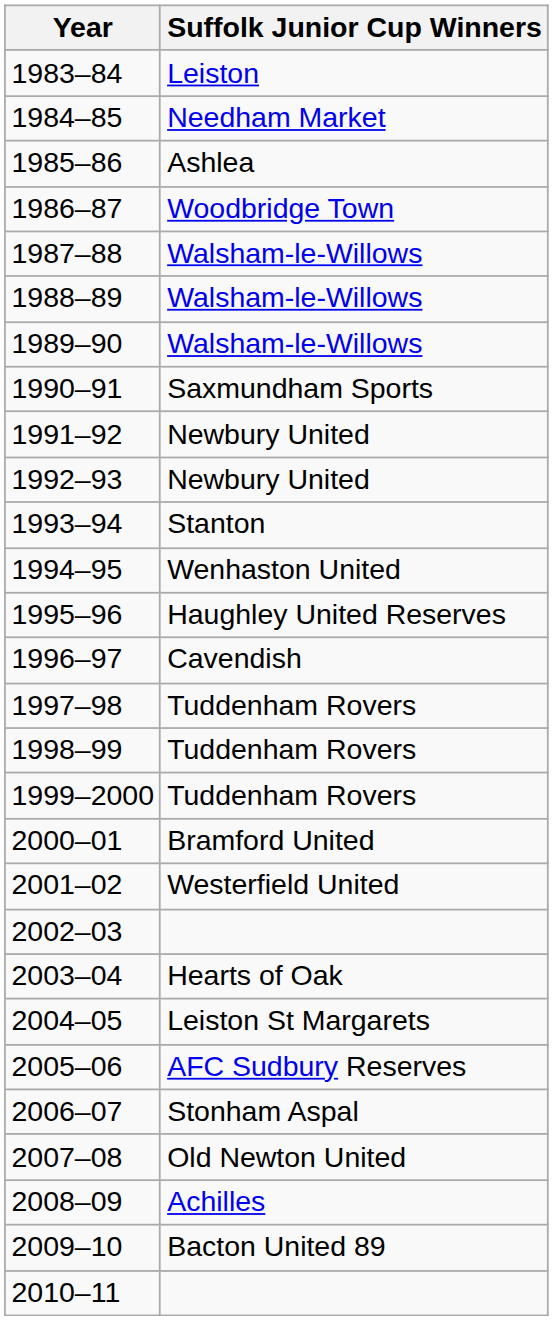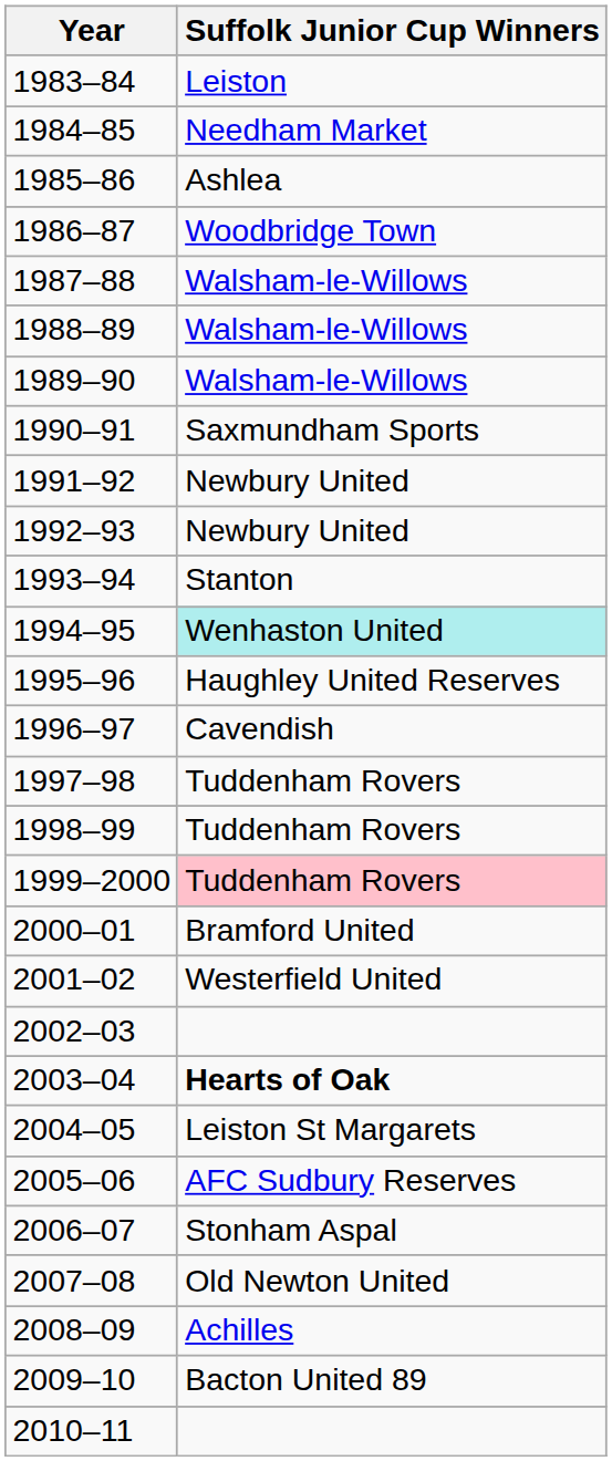 <table class="wikitable" style="float:left; margin-right:1em">
 <tr>
 <th>Year</th>
 <th>Suffolk Junior Cup Winners</th>
 </tr>
 <tr>
 <td>1983–84</td>
 <td><a href='#'>Leiston</a></td>
 </tr>
 <tr>
 <td>1984–85</td>
 <td><a href='#'>Needham Market</a></td>
 </tr>
 <tr>
 <td>1985–86</td>
 <td>Ashlea</td>
 </tr>
 <tr>
 <td>1986–87</td>
 <td><a href='#'>Woodbridge Town</a></td>
 </tr>
 <tr>
 <td>1987–88</td>
 <td><a href='#'>Walsham-le-Willows</a></td>
 </tr>
 <tr>
 <td>1988–89</td>
 <td><a href='#'>Walsham-le-Willows</a></td>
 </tr>
 <tr>
 <td>1989–90</td>
 <td><a href='#'>Walsham-le-Willows</a></td>
 </tr>
 <tr>
 <td>1990–91</td>
 <td>Saxmundham Sports</td>
 </tr>
 <tr>
 <td>1991–92</td>
 <td>Newbury United</td>
 </tr>
 <tr>
 <td>1992–93</td>
 <td>Newbury United</td>
 </tr>
 <tr>
 <td>1993–94</td>
 <td>Stanton</td>
 </tr>
 <tr>
 <td>1994–95</td>
-<td>Wenhaston United</td>
+<td style="background: paleturquoise;">Wenhaston United</td>
 </tr>
 <tr>
 <td>1995–96</td>
 <td>Haughley United Reserves</td>
 </tr>
 <tr>
 <td>1996–97</td>
 <td>Cavendish</td>
 </tr>
 <tr>
 <td>1997–98</td>
 <td>Tuddenham Rovers</td>
 </tr>
 <tr>
 <td>1998–99</td>
 <td>Tuddenham Rovers</td>
 </tr>
 <tr>
 <td>1999–2000</td>
-<td>Tuddenham Rovers</td>
+<td style="background: pink;">Tuddenham Rovers</td>
 </tr>
 <tr>
 <td>2000–01</td>
 <td>Bramford United</td>
 </tr>
 <tr>
 <td>2001–02</td>
 <td>Westerfield United</td>
 </tr>
 <tr>
 <td>2002–03</td>
 <td></td>
 </tr>
 <tr>
 <td>2003–04</td>
-<td>Hearts of Oak</td>
+<td><strong>Hearts of Oak</strong></td>
 </tr>
 <tr>
 <td>2004–05</td>
 <td>Leiston St Margarets</td>
 </tr>
 <tr>
 <td>2005–06</td>
 <td><a href='#'>AFC Sudbury</a> Reserves</td>
 </tr>
 <tr>
 <td>2006–07</td>
 <td>Stonham Aspal</td>
 </tr>
 <tr>
 <td>2007–08</td>
 <td>Old Newton United</td>
 </tr>
 <tr>
 <td>2008–09</td>
 <td><a href='#'>Achilles</a></td>
 </tr>
 <tr>
 <td>2009–10</td>
 <td>Bacton United 89</td>
 </tr>
 <tr>
 <td>2010–11</td>
 <td></td>
 </tr>
 </table>
